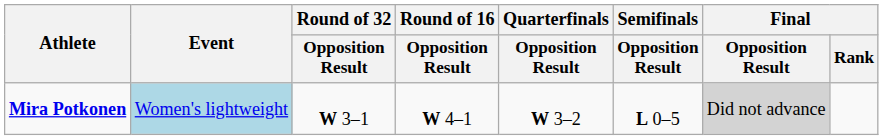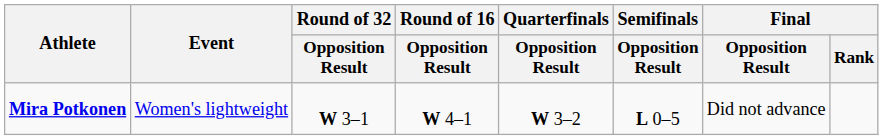 <table class="wikitable" style="font-size:90%">
 <tr>
 <th rowspan="2">Athlete</th>
 <th rowspan="2">Event</th>
 <th>Round of 32</th>
 <th>Round of 16</th>
 <th>Quarterfinals</th>
 <th>Semifinals</th>
 <th colspan=2>Final</th>
 </tr>
 <tr style="font-size:95%">
 <th>Opposition<br>Result</th>
 <th>Opposition<br>Result</th>
 <th>Opposition<br>Result</th>
 <th>Opposition<br>Result</th>
 <th>Opposition<br>Result</th>
 <th>Rank</th>
 </tr>
 <tr align=center>
 <td align=left><strong><a href='#'>Mira Potkonen</a></strong></td>
-<td align=left style="background: lightblue;"><a href='#'>Women's lightweight</a></td>
+<td align=left><a href='#'>Women's lightweight</a></td>
 <td><br><strong>W</strong> 3–1</td>
 <td><br><strong>W</strong> 4–1</td>
 <td><br><strong>W</strong> 3–2</td>
 <td><br><strong>L</strong> 0–5</td>
-<td style="background: lightgrey;">Did not advance</td>
+<td>Did not advance</td>
 <td></td>
 </tr>
 </table>
